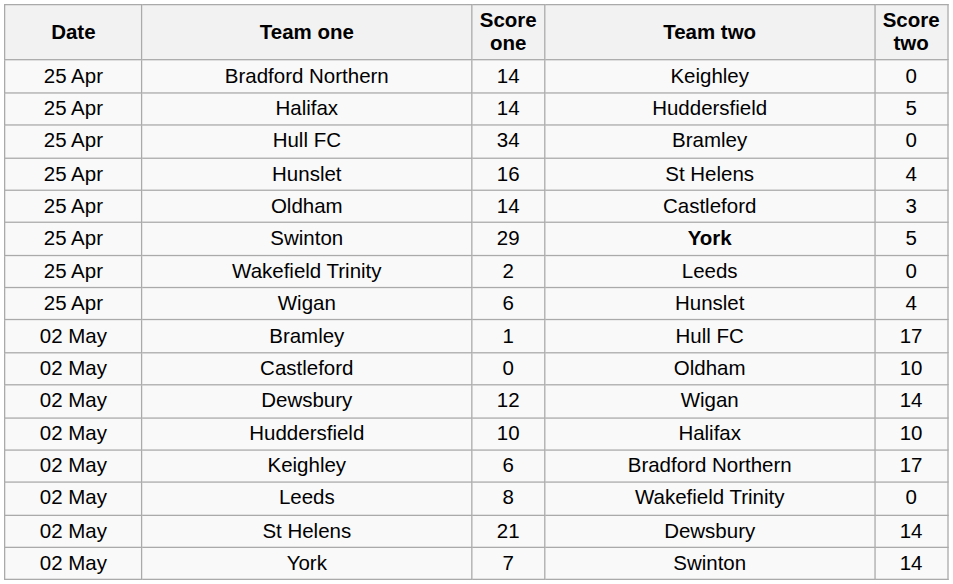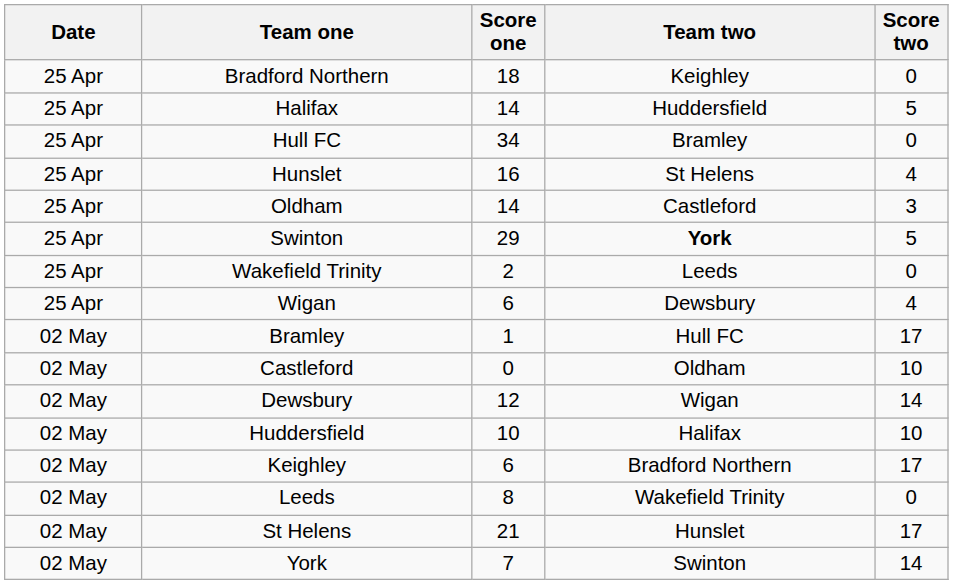 <table class="wikitable" style="text-align: center">
 <tr>
 <th width=100>Date</th>
 <th width=250>Team one</th>
 <th width=50>Score one</th>
 <th width=250>Team two</th>
 <th width=50>Score two</th>
 </tr>
 <tr>
 <td>25 Apr</td>
 <td>Bradford Northern</td>
-<td>14</td>
+<td>18</td>
 <td>Keighley</td>
 <td>0</td>
 </tr>
 <tr>
 <td>25 Apr</td>
 <td>Halifax</td>
 <td>14</td>
 <td>Huddersfield</td>
 <td>5</td>
 </tr>
 <tr>
 <td>25 Apr</td>
 <td>Hull FC</td>
 <td>34</td>
 <td>Bramley</td>
 <td>0</td>
 </tr>
 <tr>
 <td>25 Apr</td>
 <td>Hunslet</td>
 <td>16</td>
 <td>St Helens</td>
 <td>4</td>
 </tr>
 <tr>
 <td>25 Apr</td>
 <td>Oldham</td>
 <td>14</td>
 <td>Castleford</td>
 <td>3</td>
 </tr>
 <tr>
 <td>25 Apr</td>
 <td>Swinton</td>
 <td>29</td>
 <td><strong>York</strong></td>
 <td>5</td>
 </tr>
 <tr>
 <td>25 Apr</td>
 <td>Wakefield Trinity</td>
 <td>2</td>
 <td>Leeds</td>
 <td>0</td>
 </tr>
 <tr>
 <td>25 Apr</td>
 <td>Wigan</td>
 <td>6</td>
-<td>Hunslet</td>
+<td>Dewsbury</td>
 <td>4</td>
 </tr>
 <tr>
 <td>02 May</td>
 <td>Bramley</td>
 <td>1</td>
 <td>Hull FC</td>
 <td>17</td>
 </tr>
 <tr>
 <td>02 May</td>
 <td>Castleford</td>
 <td>0</td>
 <td>Oldham</td>
 <td>10</td>
 </tr>
 <tr>
 <td>02 May</td>
 <td>Dewsbury</td>
 <td>12</td>
 <td>Wigan</td>
 <td>14</td>
 </tr>
 <tr>
 <td>02 May</td>
 <td>Huddersfield</td>
 <td>10</td>
 <td>Halifax</td>
 <td>10</td>
 </tr>
 <tr>
 <td>02 May</td>
 <td>Keighley</td>
 <td>6</td>
 <td>Bradford Northern</td>
 <td>17</td>
 </tr>
 <tr>
 <td>02 May</td>
 <td>Leeds</td>
 <td>8</td>
 <td>Wakefield Trinity</td>
 <td>0</td>
 </tr>
 <tr>
 <td>02 May</td>
 <td>St Helens</td>
 <td>21</td>
-<td>Dewsbury</td>
-<td>14</td>
+<td>Hunslet</td>
+<td>17</td>
 </tr>
 <tr>
 <td>02 May</td>
 <td>York</td>
 <td>7</td>
 <td>Swinton</td>
 <td>14</td>
 </tr>
 </table>
